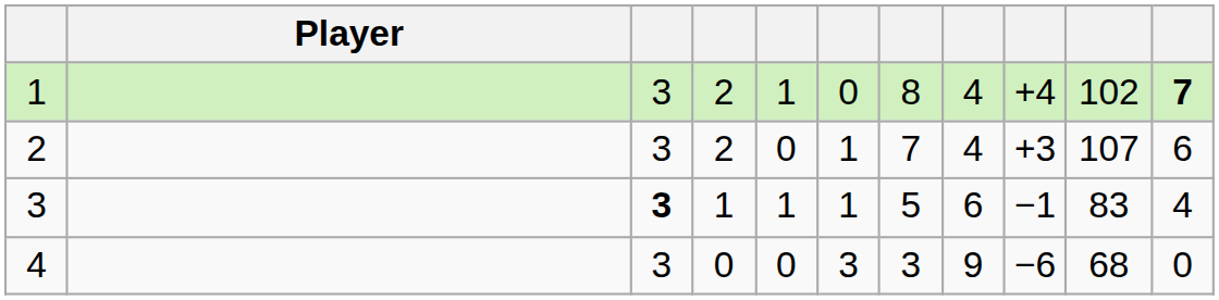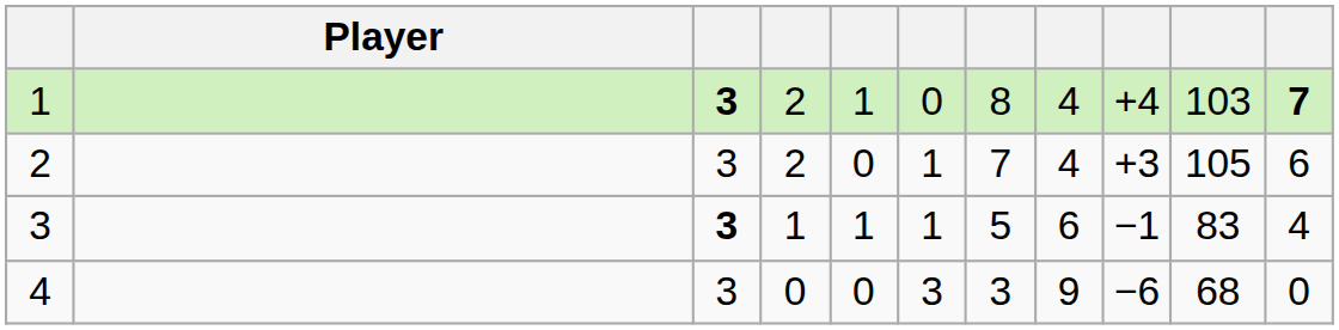 <table class="wikitable" style="text-align:center; margin: 1em auto 1em auto, align:left">
 <tr>
 <th width=20></th>
 <th width=240>Player</th>
 <th width=20></th>
 <th width=20></th>
 <th width=20></th>
 <th width=20></th>
 <th width=20></th>
 <th width=20></th>
 <th width=20></th>
 <th width=30></th>
 <th width=20></th>
 </tr>
 <tr style="background:#D0F0C0;">
 <td>1</td>
 <td align=left></td>
-<td>3</td>
+<td><strong>3</strong></td>
 <td>2</td>
 <td>1</td>
 <td>0</td>
 <td>8</td>
 <td>4</td>
 <td>+4</td>
-<td>102</td>
+<td>103</td>
 <td><strong>7</strong></td>
 </tr>
 <tr style=>
 <td>2</td>
 <td align=left></td>
 <td>3</td>
 <td>2</td>
 <td>0</td>
 <td>1</td>
 <td>7</td>
 <td>4</td>
 <td>+3</td>
-<td>107</td>
+<td>105</td>
 <td>6</td>
 </tr>
 <tr style=>
 <td>3</td>
 <td align=left></td>
 <td><strong>3</strong></td>
 <td>1</td>
 <td>1</td>
 <td>1</td>
 <td>5</td>
 <td>6</td>
 <td>−1</td>
 <td>83</td>
 <td>4</td>
 </tr>
 <tr style=>
 <td>4</td>
 <td align=left></td>
 <td>3</td>
 <td>0</td>
 <td>0</td>
 <td>3</td>
 <td>3</td>
 <td>9</td>
 <td>−6</td>
 <td>68</td>
 <td>0</td>
 </tr>
 </table>
